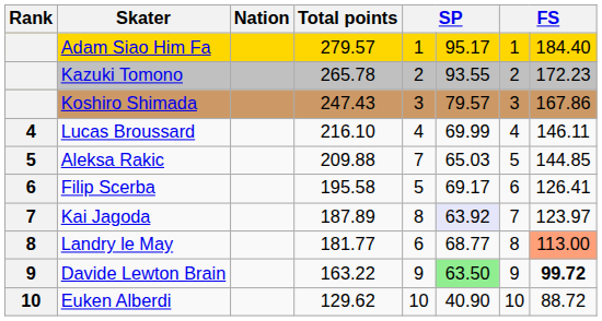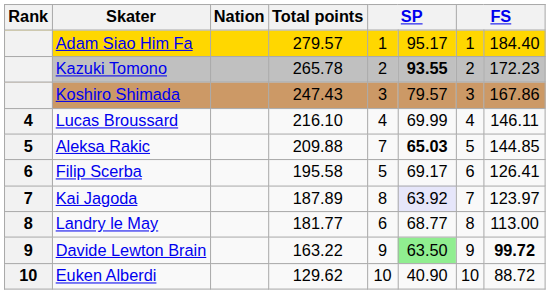 <table class="wikitable sortable" style="text-align:left">
 <tr>
 <th scope="col">Rank</th>
 <th scope="col">Skater</th>
 <th scope="col">Nation</th>
 <th scope="col">Total points</th>
 <th scope="col" colspan="2" width="80px"><a href='#'>SP</a></th>
 <th scope="col" colspan="2" width="80px"><a href='#'>FS</a></th>
 </tr>
 <tr bgcolor="gold">
 <th scope="row"></th>
 <td><a href='#'>Adam Siao Him Fa</a></td>
 <td></td>
 <td align="center">279.57</td>
 <td align="center">1</td>
 <td align="center">95.17</td>
 <td align="center">1</td>
 <td align="center">184.40</td>
 </tr>
 <tr bgcolor="silver">
 <th scope="row"></th>
 <td><a href='#'>Kazuki Tomono</a></td>
 <td></td>
 <td align="center">265.78</td>
 <td align="center">2</td>
-<td align="center">93.55</td>
+<td align="center"><strong>93.55</strong></td>
 <td align="center">2</td>
 <td align="center">172.23</td>
 </tr>
 <tr bgcolor="cc9966">
 <th scope="row"></th>
 <td><a href='#'>Koshiro Shimada</a></td>
 <td></td>
 <td align="center">247.43</td>
 <td align="center">3</td>
 <td align="center">79.57</td>
 <td align="center">3</td>
 <td align="center">167.86</td>
 </tr>
 <tr>
 <th scope="row">4</th>
 <td><a href='#'>Lucas Broussard</a></td>
 <td></td>
 <td align="center">216.10</td>
 <td align="center">4</td>
 <td align="center">69.99</td>
 <td align="center">4</td>
 <td align="center">146.11</td>
 </tr>
 <tr>
 <th scope="row">5</th>
 <td><a href='#'>Aleksa Rakic</a></td>
 <td></td>
 <td align="center">209.88</td>
 <td align="center">7</td>
-<td align="center">65.03</td>
+<td align="center"><strong>65.03</strong></td>
 <td align="center">5</td>
 <td align="center">144.85</td>
 </tr>
 <tr>
 <th scope="row">6</th>
 <td><a href='#'>Filip Scerba</a></td>
 <td></td>
 <td align="center">195.58</td>
 <td align="center">5</td>
 <td align="center">69.17</td>
 <td align="center">6</td>
 <td align="center">126.41</td>
 </tr>
 <tr>
 <th scope="row">7</th>
 <td><a href='#'>Kai Jagoda</a></td>
 <td></td>
 <td align="center">187.89</td>
 <td align="center">8</td>
 <td align="center" style="background: lavender;">63.92</td>
 <td align="center">7</td>
 <td align="center">123.97</td>
 </tr>
 <tr>
 <th scope="row">8</th>
 <td><a href='#'>Landry le May</a></td>
 <td></td>
 <td align="center">181.77</td>
 <td align="center">6</td>
 <td align="center">68.77</td>
 <td align="center">8</td>
-<td align="center" style="background: lightsalmon;">113.00</td>
+<td align="center">113.00</td>
 </tr>
 <tr>
 <th scope="row">9</th>
 <td><a href='#'>Davide Lewton Brain</a></td>
 <td></td>
 <td align="center">163.22</td>
 <td align="center">9</td>
 <td align="center" style="background: lightgreen;">63.50</td>
 <td align="center">9</td>
 <td align="center"><strong>99.72</strong></td>
 </tr>
 <tr>
 <th scope="row">10</th>
 <td><a href='#'>Euken Alberdi</a></td>
 <td></td>
 <td align="center">129.62</td>
 <td align="center">10</td>
 <td align="center">40.90</td>
 <td align="center">10</td>
 <td align="center">88.72</td>
 </tr>
 </table>
